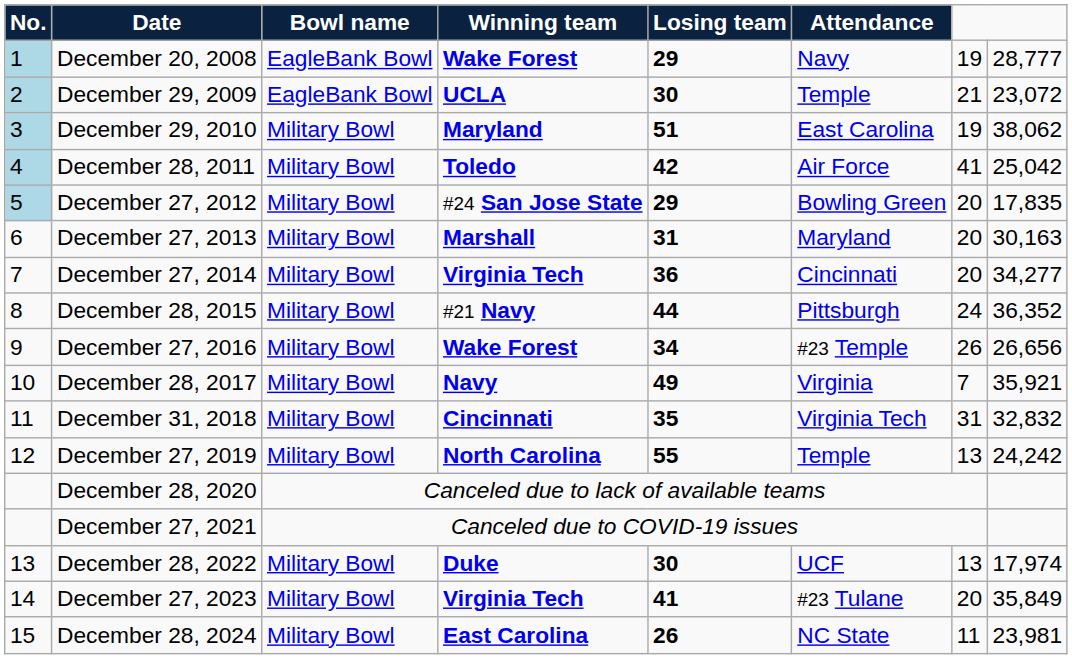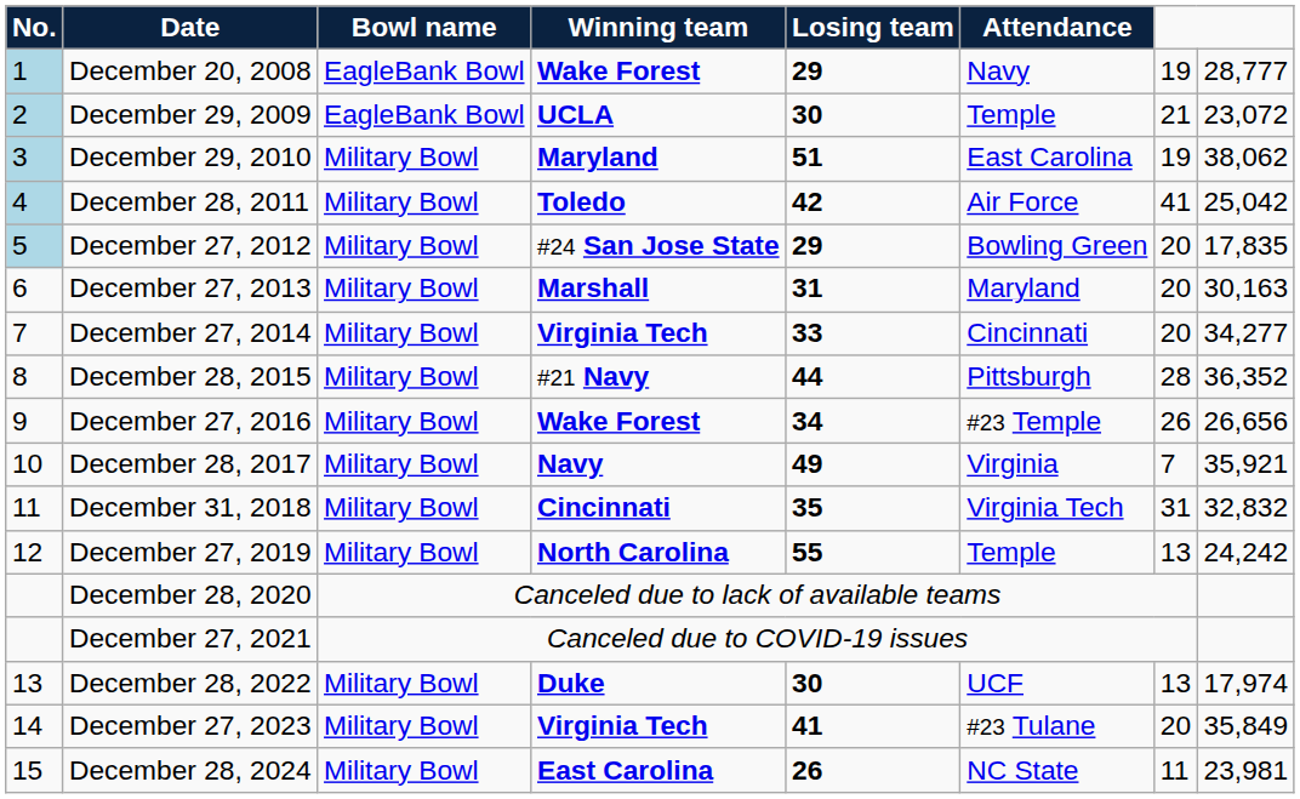 <table class=wikitable>
 <tr>
 <th style="background:#0A2240; color:#FFFFFF; ">No.</th>
 <th style="background:#0A2240; color:#FFFFFF; ">Date</th>
 <th style="background:#0A2240; color:#FFFFFF; ">Bowl name</th>
 <th style="background:#0A2240; color:#FFFFFF; ">Winning team</th>
 <th style="background:#0A2240; color:#FFFFFF; ">Losing team</th>
 <th style="background:#0A2240; color:#FFFFFF; ">Attendance</th>
 </tr>
 <tr>
 <td bgcolor=lightblue>1</td>
 <td>December 20, 2008</td>
 <td><a href='#'>EagleBank Bowl</a></td>
 <td><strong><a href='#'>Wake Forest</a></strong></td>
 <td><strong>29</strong></td>
 <td><a href='#'>Navy</a></td>
 <td>19</td>
 <td align=center>28,777</td>
 </tr>
 <tr>
 <td bgcolor=lightblue>2</td>
 <td>December 29, 2009</td>
 <td><a href='#'>EagleBank Bowl</a></td>
 <td><strong><a href='#'>UCLA</a></strong></td>
 <td><strong>30</strong></td>
 <td><a href='#'>Temple</a></td>
 <td>21</td>
 <td align=center>23,072</td>
 </tr>
 <tr>
 <td bgcolor=lightblue>3</td>
 <td>December 29, 2010</td>
 <td><a href='#'>Military Bowl</a></td>
 <td><strong><a href='#'>Maryland</a></strong></td>
 <td><strong>51</strong></td>
 <td><a href='#'>East Carolina</a></td>
 <td>19</td>
 <td align=center>38,062</td>
 </tr>
 <tr>
 <td bgcolor=lightblue>4</td>
 <td>December 28, 2011</td>
 <td><a href='#'>Military Bowl</a></td>
 <td><strong><a href='#'>Toledo</a></strong></td>
 <td><strong>42</strong></td>
 <td><a href='#'>Air Force</a></td>
 <td>41</td>
 <td align=center>25,042</td>
 </tr>
 <tr>
 <td bgcolor=lightblue>5</td>
 <td>December 27, 2012</td>
 <td><a href='#'>Military Bowl</a></td>
 <td><small>#24</small> <strong><a href='#'>San Jose State</a></strong></td>
 <td><strong>29</strong></td>
 <td><a href='#'>Bowling Green</a></td>
 <td>20</td>
 <td align=center>17,835</td>
 </tr>
 <tr>
 <td>6</td>
 <td>December 27, 2013</td>
 <td><a href='#'>Military Bowl</a></td>
 <td><strong><a href='#'>Marshall</a></strong></td>
 <td><strong>31</strong></td>
 <td><a href='#'>Maryland</a></td>
 <td>20</td>
 <td align=center>30,163</td>
 </tr>
 <tr>
 <td>7</td>
 <td>December 27, 2014</td>
 <td><a href='#'>Military Bowl</a></td>
 <td><strong><a href='#'>Virginia Tech</a></strong></td>
-<td><strong>36</strong></td>
+<td><strong>33</strong></td>
 <td><a href='#'>Cincinnati</a></td>
 <td>20</td>
 <td align=center>34,277</td>
 </tr>
 <tr>
 <td>8</td>
 <td>December 28, 2015</td>
 <td><a href='#'>Military Bowl</a></td>
 <td><small>#21</small> <strong><a href='#'>Navy</a></strong></td>
 <td><strong>44</strong></td>
 <td><a href='#'>Pittsburgh</a></td>
-<td>24</td>
+<td>28</td>
 <td align=center>36,352</td>
 </tr>
 <tr>
 <td>9</td>
 <td>December 27, 2016</td>
 <td><a href='#'>Military Bowl</a></td>
 <td><strong><a href='#'>Wake Forest</a></strong></td>
 <td><strong>34</strong></td>
 <td><small>#23</small> <a href='#'>Temple</a></td>
 <td>26</td>
 <td align=center>26,656</td>
 </tr>
 <tr>
 <td>10</td>
 <td>December 28, 2017</td>
 <td><a href='#'>Military Bowl</a></td>
 <td><strong><a href='#'>Navy</a></strong></td>
 <td><strong>49</strong></td>
 <td><a href='#'>Virginia</a></td>
 <td>7</td>
 <td align=center>35,921</td>
 </tr>
 <tr>
 <td>11</td>
 <td>December 31, 2018</td>
 <td><a href='#'>Military Bowl</a></td>
 <td><strong><a href='#'>Cincinnati</a></strong></td>
 <td><strong>35</strong></td>
 <td><a href='#'>Virginia Tech</a></td>
 <td>31</td>
 <td align=center>32,832</td>
 </tr>
 <tr>
 <td>12</td>
 <td>December 27, 2019</td>
 <td><a href='#'>Military Bowl</a></td>
 <td><strong><a href='#'>North Carolina</a></strong></td>
 <td><strong>55</strong></td>
 <td><a href='#'>Temple</a></td>
 <td>13</td>
 <td align=center>24,242</td>
 </tr>
 <tr>
 <td></td>
 <td>December 28, 2020</td>
 <td colspan=5 align=center><em>Canceled due to lack of available teams</em></td>
 <td align=center></td>
 </tr>
 <tr>
 <td></td>
 <td>December 27, 2021</td>
 <td colspan=5 align=center><em>Canceled due to COVID-19 issues</em></td>
 <td align=center></td>
 </tr>
 <tr>
 <td>13</td>
 <td>December 28, 2022</td>
 <td><a href='#'>Military Bowl</a></td>
 <td><strong><a href='#'>Duke</a></strong></td>
 <td><strong>30</strong></td>
 <td><a href='#'>UCF</a></td>
 <td>13</td>
 <td align=center>17,974</td>
 </tr>
 <tr>
 <td>14</td>
 <td>December 27, 2023</td>
 <td><a href='#'>Military Bowl</a></td>
 <td><strong><a href='#'>Virginia Tech</a> </strong></td>
 <td><strong>41</strong></td>
 <td><small>#23</small> <a href='#'>Tulane</a></td>
 <td>20</td>
 <td align=center>35,849</td>
 </tr>
 <tr>
 <td>15</td>
 <td>December 28, 2024</td>
 <td><a href='#'>Military Bowl</a></td>
 <td><strong><a href='#'>East Carolina</a></strong></td>
 <td><strong>26</strong></td>
 <td><a href='#'>NC State</a></td>
 <td>11</td>
 <td align=center>23,981</td>
 </tr>
 </table>
